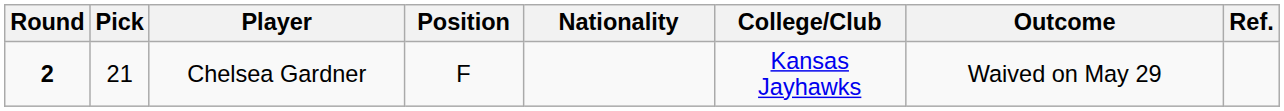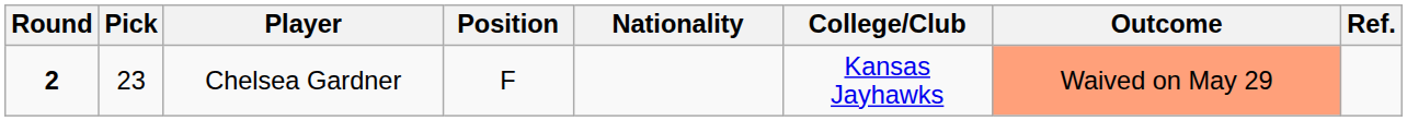 <table class="wikitable sortable" style="text-align: center">
 <tr>
 <th width="5%">Round</th>
 <th width="3%">Pick</th>
 <th width="20%">Player</th>
 <th width="4">Position</th>
 <th width="15%">Nationality</th>
 <th width="15%">College/Club</th>
 <th width="25%">Outcome</th>
 <th width="1%">Ref.</th>
 </tr>
 <tr>
 <td><strong>2</strong></td>
-<td>21</td>
+<td>23</td>
 <td>Chelsea Gardner</td>
 <td>F</td>
 <td></td>
 <td><a href='#'>Kansas Jayhawks</a></td>
-<td>Waived on May 29</td>
+<td style="background: lightsalmon;">Waived on May 29</td>
 <td></td>
 </tr>
 </table>
